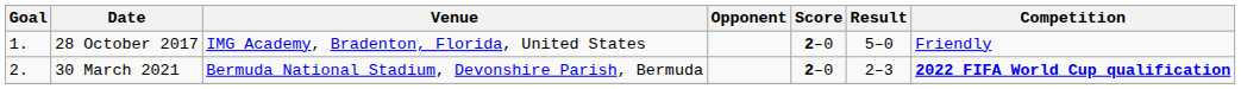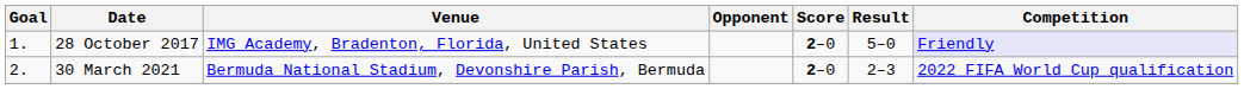 <table class="wikitable plainrowheaders sortable">
 <tr>
 <th>Goal</th>
 <th>Date</th>
 <th>Venue</th>
 <th>Opponent</th>
 <th>Score</th>
 <th>Result</th>
 <th>Competition</th>
 </tr>
 <tr>
 <td>1.</td>
 <td>28 October 2017</td>
 <td><a href='#'>IMG Academy</a>, <a href='#'>Bradenton, Florida</a>, United States</td>
 <td></td>
 <td align=center><strong>2</strong>–0</td>
 <td align=center>5–0</td>
-<td><a href='#'>Friendly</a></td>
+<td style="background: lavender;"><a href='#'>Friendly</a></td>
 </tr>
 <tr>
 <td>2.</td>
 <td>30 March 2021</td>
 <td><a href='#'>Bermuda National Stadium</a>, <a href='#'>Devonshire Parish</a>, Bermuda</td>
 <td></td>
 <td align=center><strong>2</strong>–0</td>
 <td align=center>2–3</td>
-<td><strong><a href='#'>2022 FIFA World Cup qualification</a></strong></td>
+<td><a href='#'>2022 FIFA World Cup qualification</a></td>
 </tr>
 <tr>
 </tr>
 </table>
